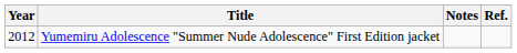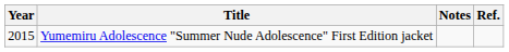 <table class="wikitable">
 <tr>
 <th>Year</th>
 <th>Title</th>
 <th>Notes</th>
 <th>Ref.</th>
 </tr>
 <tr>
-<td>2012</td>
+<td>2015</td>
 <td><a href='#'>Yumemiru Adolescence</a> "Summer Nude Adolescence" First Edition jacket</td>
 <td></td>
 <td></td>
 </tr>
 </table>
